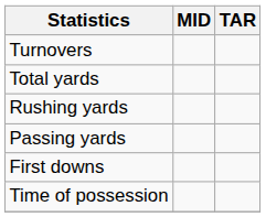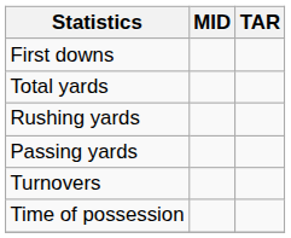 <table class="wikitable" style="float: left;">
 <tr>
 <th>Statistics</th>
 <th>MID</th>
 <th>TAR</th>
 </tr>
 <tr>
-<td>Turnovers</td>
+<td>First downs</td>
 <td></td>
 <td></td>
 </tr>
 <tr>
 <td>Total yards</td>
 <td></td>
 <td></td>
 </tr>
 <tr>
 <td>Rushing yards</td>
 <td></td>
 <td></td>
 </tr>
 <tr>
 <td>Passing yards</td>
 <td></td>
 <td></td>
 </tr>
 <tr>
-<td>First downs</td>
+<td>Turnovers</td>
 <td></td>
 <td></td>
 </tr>
 <tr>
 <td>Time of possession</td>
 <td></td>
 <td></td>
 </tr>
 <tr>
 </tr>
 </table>
